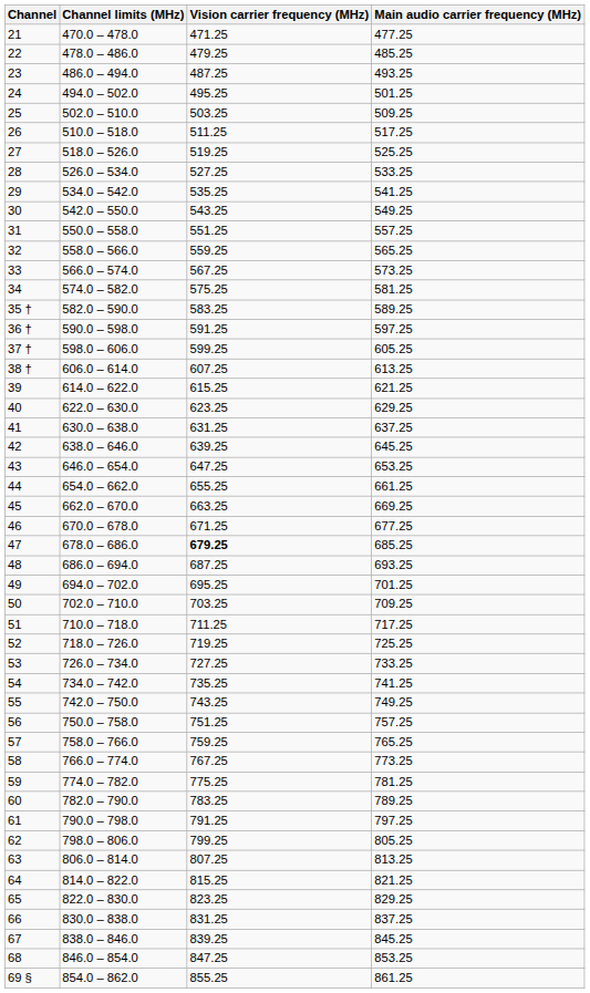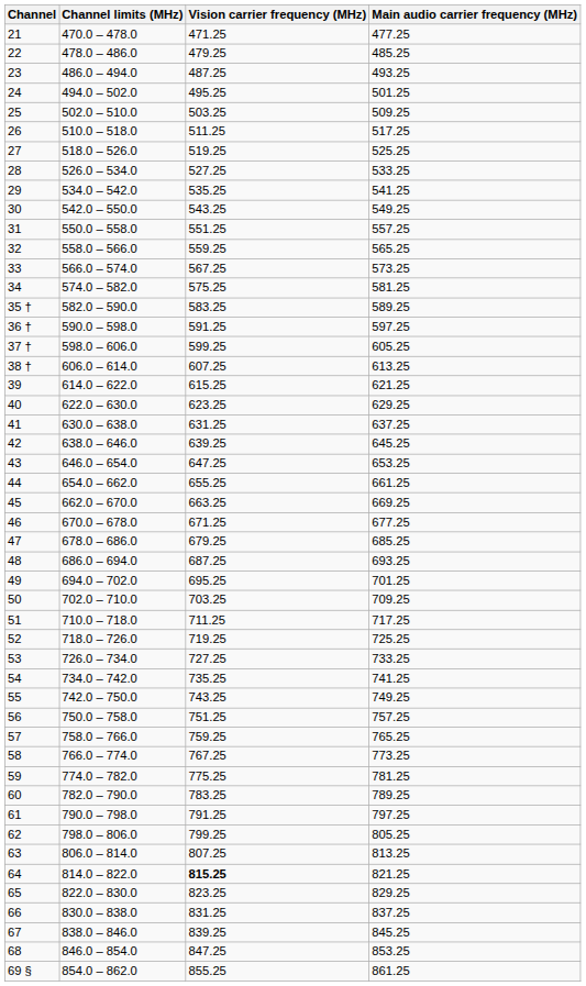 <table class="wikitable">
 <tr>
 <th>Channel</th>
 <th>Channel limits (MHz)</th>
 <th>Vision carrier frequency (MHz)</th>
 <th>Main audio carrier frequency (MHz)</th>
 </tr>
 <tr>
 <td>21</td>
 <td>470.0 – 478.0</td>
 <td>471.25</td>
 <td>477.25</td>
 </tr>
 <tr>
 <td>22</td>
 <td>478.0 – 486.0</td>
 <td>479.25</td>
 <td>485.25</td>
 </tr>
 <tr>
 <td>23</td>
 <td>486.0 – 494.0</td>
 <td>487.25</td>
 <td>493.25</td>
 </tr>
 <tr>
 <td>24</td>
 <td>494.0 – 502.0</td>
 <td>495.25</td>
 <td>501.25</td>
 </tr>
 <tr>
 <td>25</td>
 <td>502.0 – 510.0</td>
 <td>503.25</td>
 <td>509.25</td>
 </tr>
 <tr>
 <td>26</td>
 <td>510.0 – 518.0</td>
 <td>511.25</td>
 <td>517.25</td>
 </tr>
 <tr>
 <td>27</td>
 <td>518.0 – 526.0</td>
 <td>519.25</td>
 <td>525.25</td>
 </tr>
 <tr>
 <td>28</td>
 <td>526.0 – 534.0</td>
 <td>527.25</td>
 <td>533.25</td>
 </tr>
 <tr>
 <td>29</td>
 <td>534.0 – 542.0</td>
 <td>535.25</td>
 <td>541.25</td>
 </tr>
 <tr>
 <td>30</td>
 <td>542.0 – 550.0</td>
 <td>543.25</td>
 <td>549.25</td>
 </tr>
 <tr>
 <td>31</td>
 <td>550.0 – 558.0</td>
 <td>551.25</td>
 <td>557.25</td>
 </tr>
 <tr>
 <td>32</td>
 <td>558.0 – 566.0</td>
 <td>559.25</td>
 <td>565.25</td>
 </tr>
 <tr>
 <td>33</td>
 <td>566.0 – 574.0</td>
 <td>567.25</td>
 <td>573.25</td>
 </tr>
 <tr>
 <td>34</td>
 <td>574.0 – 582.0</td>
 <td>575.25</td>
 <td>581.25</td>
 </tr>
 <tr>
 <td>35 †</td>
 <td>582.0 – 590.0</td>
 <td>583.25</td>
 <td>589.25</td>
 </tr>
 <tr>
 <td>36 †</td>
 <td>590.0 – 598.0</td>
 <td>591.25</td>
 <td>597.25</td>
 </tr>
 <tr>
 <td>37 †</td>
 <td>598.0 – 606.0</td>
 <td>599.25</td>
 <td>605.25</td>
 </tr>
 <tr>
 <td>38 †</td>
 <td>606.0 – 614.0</td>
 <td>607.25</td>
 <td>613.25</td>
 </tr>
 <tr>
 <td>39</td>
 <td>614.0 – 622.0</td>
 <td>615.25</td>
 <td>621.25</td>
 </tr>
 <tr>
 <td>40</td>
 <td>622.0 – 630.0</td>
 <td>623.25</td>
 <td>629.25</td>
 </tr>
 <tr>
 <td>41</td>
 <td>630.0 – 638.0</td>
 <td>631.25</td>
 <td>637.25</td>
 </tr>
 <tr>
 <td>42</td>
 <td>638.0 – 646.0</td>
 <td>639.25</td>
 <td>645.25</td>
 </tr>
 <tr>
 <td>43</td>
 <td>646.0 – 654.0</td>
 <td>647.25</td>
 <td>653.25</td>
 </tr>
 <tr>
 <td>44</td>
 <td>654.0 – 662.0</td>
 <td>655.25</td>
 <td>661.25</td>
 </tr>
 <tr>
 <td>45</td>
 <td>662.0 – 670.0</td>
 <td>663.25</td>
 <td>669.25</td>
 </tr>
 <tr>
 <td>46</td>
 <td>670.0 – 678.0</td>
 <td>671.25</td>
 <td>677.25</td>
 </tr>
 <tr>
 <td>47</td>
 <td>678.0 – 686.0</td>
-<td><strong>679.25</strong></td>
+<td>679.25</td>
 <td>685.25</td>
 </tr>
 <tr>
 <td>48</td>
 <td>686.0 – 694.0</td>
 <td>687.25</td>
 <td>693.25</td>
 </tr>
 <tr>
 <td>49</td>
 <td>694.0 – 702.0</td>
 <td>695.25</td>
 <td>701.25</td>
 </tr>
 <tr>
 <td>50</td>
 <td>702.0 – 710.0</td>
 <td>703.25</td>
 <td>709.25</td>
 </tr>
 <tr>
 <td>51</td>
 <td>710.0 – 718.0</td>
 <td>711.25</td>
 <td>717.25</td>
 </tr>
 <tr>
 <td>52</td>
 <td>718.0 – 726.0</td>
 <td>719.25</td>
 <td>725.25</td>
 </tr>
 <tr>
 <td>53</td>
 <td>726.0 – 734.0</td>
 <td>727.25</td>
 <td>733.25</td>
 </tr>
 <tr>
 <td>54</td>
 <td>734.0 – 742.0</td>
 <td>735.25</td>
 <td>741.25</td>
 </tr>
 <tr>
 <td>55</td>
 <td>742.0 – 750.0</td>
 <td>743.25</td>
 <td>749.25</td>
 </tr>
 <tr>
 <td>56</td>
 <td>750.0 – 758.0</td>
 <td>751.25</td>
 <td>757.25</td>
 </tr>
 <tr>
 <td>57</td>
 <td>758.0 – 766.0</td>
 <td>759.25</td>
 <td>765.25</td>
 </tr>
 <tr>
 <td>58</td>
 <td>766.0 – 774.0</td>
 <td>767.25</td>
 <td>773.25</td>
 </tr>
 <tr>
 <td>59</td>
 <td>774.0 – 782.0</td>
 <td>775.25</td>
 <td>781.25</td>
 </tr>
 <tr>
 <td>60</td>
 <td>782.0 – 790.0</td>
 <td>783.25</td>
 <td>789.25</td>
 </tr>
 <tr>
 <td>61</td>
 <td>790.0 – 798.0</td>
 <td>791.25</td>
 <td>797.25</td>
 </tr>
 <tr>
 <td>62</td>
 <td>798.0 – 806.0</td>
 <td>799.25</td>
 <td>805.25</td>
 </tr>
 <tr>
 <td>63</td>
 <td>806.0 – 814.0</td>
 <td>807.25</td>
 <td>813.25</td>
 </tr>
 <tr>
 <td>64</td>
 <td>814.0 – 822.0</td>
-<td>815.25</td>
+<td><strong>815.25</strong></td>
 <td>821.25</td>
 </tr>
 <tr>
 <td>65</td>
 <td>822.0 – 830.0</td>
 <td>823.25</td>
 <td>829.25</td>
 </tr>
 <tr>
 <td>66</td>
 <td>830.0 – 838.0</td>
 <td>831.25</td>
 <td>837.25</td>
 </tr>
 <tr>
 <td>67</td>
 <td>838.0 – 846.0</td>
 <td>839.25</td>
 <td>845.25</td>
 </tr>
 <tr>
 <td>68</td>
 <td>846.0 – 854.0</td>
 <td>847.25</td>
 <td>853.25</td>
 </tr>
 <tr>
 <td>69 §</td>
 <td>854.0 – 862.0</td>
 <td>855.25</td>
 <td>861.25</td>
 </tr>
 </table>
